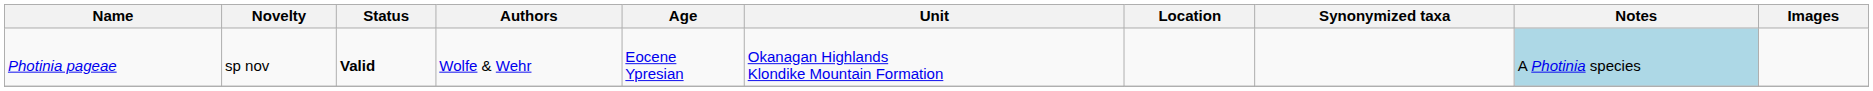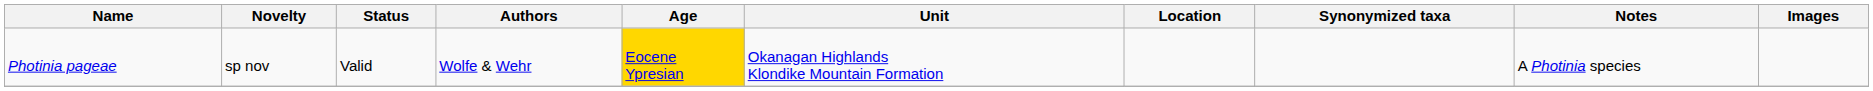 <table class="wikitable sortable" align="center" width="100%">
 <tr>
 <th>Name</th>
 <th>Novelty</th>
 <th>Status</th>
 <th>Authors</th>
 <th>Age</th>
 <th>Unit</th>
 <th>Location</th>
 <th>Synonymized taxa</th>
 <th>Notes</th>
 <th>Images</th>
 </tr>
 <tr>
 <td><br><em><a href='#'>Photinia pageae</a></em></td>
 <td><br>sp nov</td>
-<td><strong><br>Valid</strong></td>
+<td><br>Valid</td>
 <td><br><a href='#'>Wolfe</a> & <a href='#'>Wehr</a></td>
-<td><br><a href='#'>Eocene</a><br><a href='#'>Ypresian</a></td>
+<td style="background: gold;"><br><a href='#'>Eocene</a><br><a href='#'>Ypresian</a></td>
 <td><br><a href='#'>Okanagan Highlands</a><br><a href='#'>Klondike Mountain Formation</a></td>
 <td><br><br></td>
 <td></td>
-<td style="background: lightblue;"><br>A <em><a href='#'>Photinia</a></em> species</td>
+<td><br>A <em><a href='#'>Photinia</a></em> species</td>
 <td><br></td>
 </tr>
 <tr>
 </tr>
 </table>
